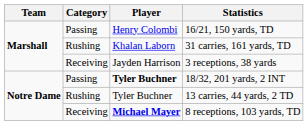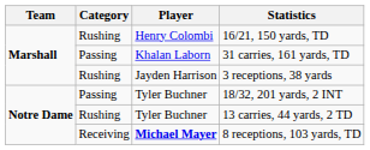 <table class="wikitable" style="float: right;">
 <tr>
 <th>Team</th>
 <th>Category</th>
 <th>Player</th>
 <th>Statistics</th>
 </tr>
 <tr>
 <td rowspan=3><strong>Marshall</strong></td>
-<td>Passing</td>
+<td>Rushing</td>
 <td><a href='#'>Henry Colombi</a></td>
 <td>16/21, 150 yards, TD</td>
 </tr>
 <tr>
-<td>Rushing</td>
+<td>Passing</td>
 <td><a href='#'>Khalan Laborn</a></td>
 <td>31 carries, 161 yards, TD</td>
 </tr>
 <tr>
-<td>Receiving</td>
+<td>Rushing</td>
 <td>Jayden Harrison</td>
 <td>3 receptions, 38 yards</td>
 </tr>
 <tr>
 <td rowspan=3><strong>Notre Dame</strong></td>
 <td>Passing</td>
-<td><strong>Tyler Buchner</strong></td>
+<td>Tyler Buchner</td>
 <td>18/32, 201 yards, 2 INT</td>
 </tr>
 <tr>
 <td>Rushing</td>
 <td>Tyler Buchner</td>
 <td>13 carries, 44 yards, 2 TD</td>
 </tr>
 <tr>
 <td>Receiving</td>
 <td><strong><a href='#'>Michael Mayer</a></strong></td>
 <td>8 receptions, 103 yards, TD</td>
 </tr>
 </table>
